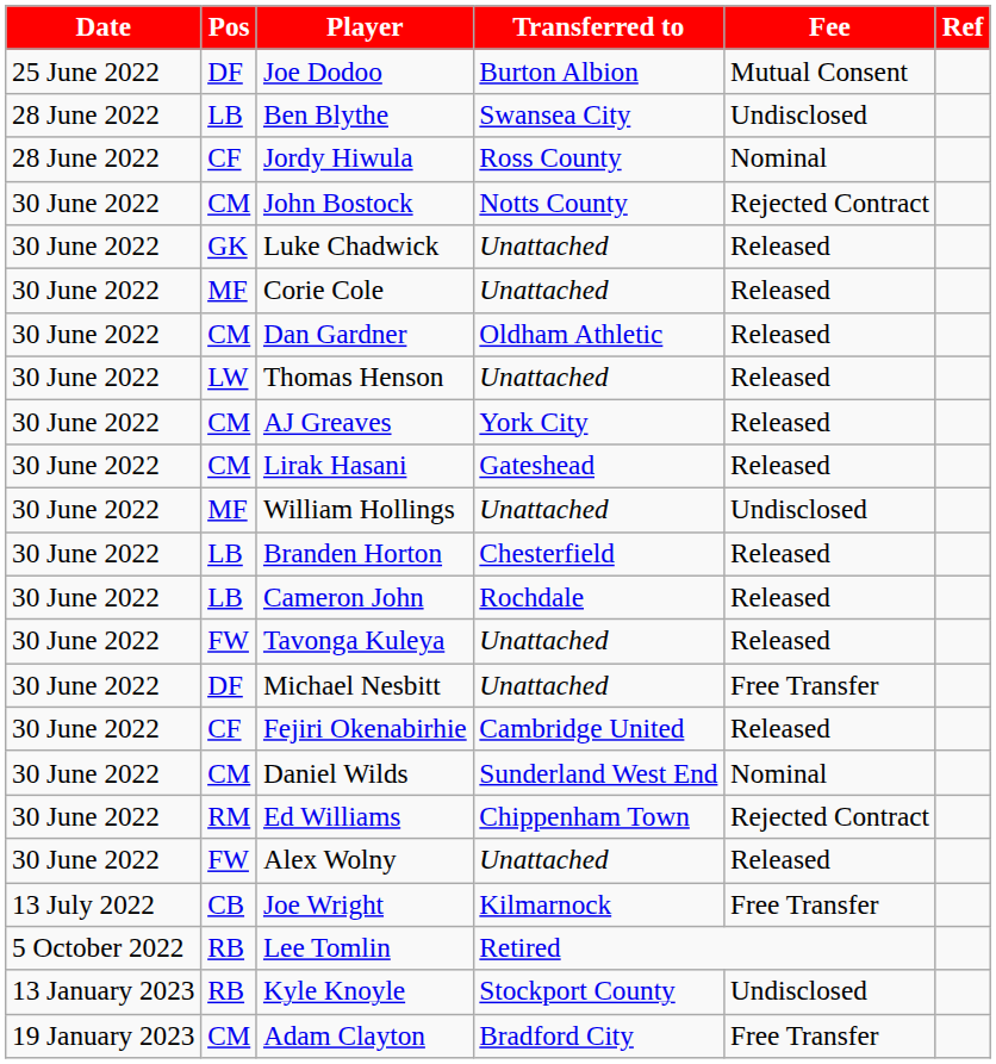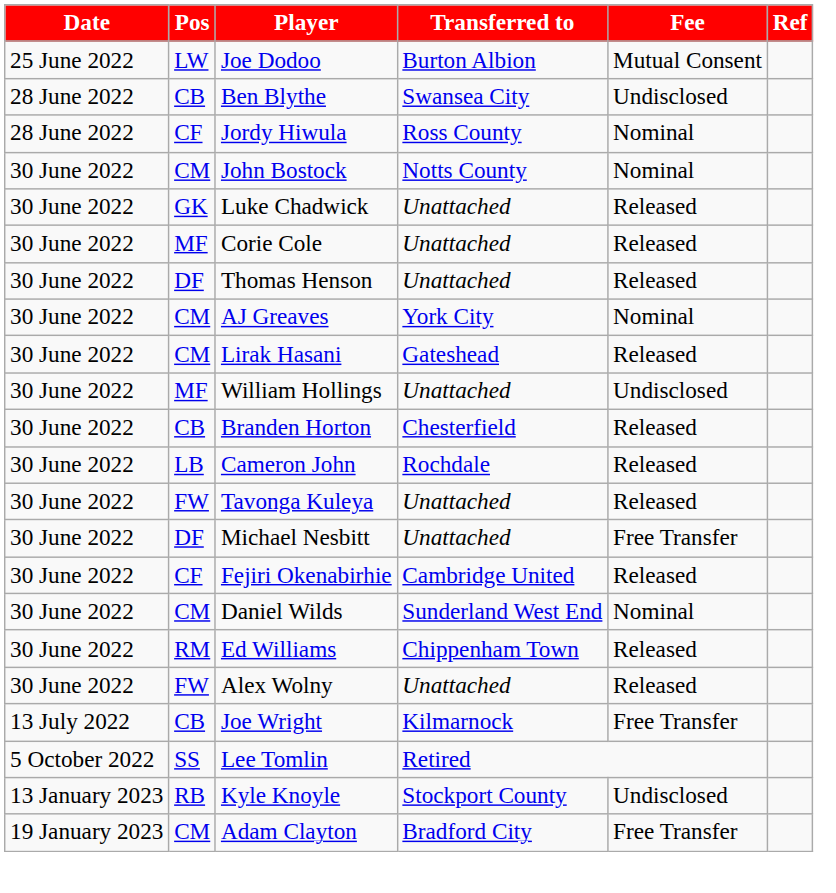 <table class="wikitable plainrowheaders sortable">
 <tr>
 <th style="background:#ff0000; color:#fff; ">Date</th>
 <th style="background:#ff0000; color:#fff; ">Pos</th>
 <th style="background:#ff0000; color:#fff; ">Player</th>
 <th style="background:#ff0000; color:#fff; ">Transferred to</th>
 <th style="background:#ff0000; color:#fff; ">Fee</th>
 <th style="background:#ff0000; color:#fff; ">Ref</th>
 </tr>
 <tr>
 <td>25 June 2022</td>
-<td><a href='#'>DF</a></td>
+<td><a href='#'>LW</a></td>
 <td> <a href='#'>Joe Dodoo</a></td>
 <td> <a href='#'>Burton Albion</a></td>
 <td>Mutual Consent</td>
 <td></td>
 </tr>
 <tr>
 <td>28 June 2022</td>
-<td><a href='#'>LB</a></td>
+<td><a href='#'>CB</a></td>
 <td> <a href='#'>Ben Blythe</a></td>
 <td> <a href='#'>Swansea City</a></td>
 <td>Undisclosed</td>
 <td></td>
 </tr>
 <tr>
 <td>28 June 2022</td>
 <td><a href='#'>CF</a></td>
 <td> <a href='#'>Jordy Hiwula</a></td>
 <td> <a href='#'>Ross County</a></td>
 <td>Nominal</td>
 <td></td>
 </tr>
 <tr>
 <td>30 June 2022</td>
 <td><a href='#'>CM</a></td>
 <td> <a href='#'>John Bostock</a></td>
 <td> <a href='#'>Notts County</a></td>
-<td>Rejected Contract</td>
+<td>Nominal</td>
 <td></td>
 </tr>
 <tr>
 <td>30 June 2022</td>
 <td><a href='#'>GK</a></td>
 <td> Luke Chadwick</td>
 <td> <em>Unattached</em></td>
 <td>Released</td>
 <td></td>
 </tr>
 <tr>
 <td>30 June 2022</td>
 <td><a href='#'>MF</a></td>
 <td> Corie Cole</td>
 <td> <em>Unattached</em></td>
 <td>Released</td>
 <td></td>
 </tr>
 <tr>
 <td>30 June 2022</td>
-<td><a href='#'>CM</a></td>
-<td> <a href='#'>Dan Gardner</a></td>
-<td> <a href='#'>Oldham Athletic</a></td>
-<td>Released</td>
-<td></td>
-</tr>
-<tr>
-<td>30 June 2022</td>
-<td><a href='#'>LW</a></td>
+<td><a href='#'>DF</a></td>
 <td> Thomas Henson</td>
 <td> <em>Unattached</em></td>
 <td>Released</td>
 <td></td>
 </tr>
 <tr>
 <td>30 June 2022</td>
 <td><a href='#'>CM</a></td>
 <td> <a href='#'>AJ Greaves</a></td>
 <td> <a href='#'>York City</a></td>
-<td>Released</td>
+<td>Nominal</td>
 <td></td>
 </tr>
 <tr>
 <td>30 June 2022</td>
 <td><a href='#'>CM</a></td>
 <td> <a href='#'>Lirak Hasani</a></td>
 <td> <a href='#'>Gateshead</a></td>
 <td>Released</td>
 <td></td>
 </tr>
 <tr>
 <td>30 June 2022</td>
 <td><a href='#'>MF</a></td>
 <td> William Hollings</td>
 <td> <em>Unattached</em></td>
 <td>Undisclosed</td>
 <td></td>
 </tr>
 <tr>
 <td>30 June 2022</td>
-<td><a href='#'>LB</a></td>
+<td><a href='#'>CB</a></td>
 <td> <a href='#'>Branden Horton</a></td>
 <td> <a href='#'>Chesterfield</a></td>
 <td>Released</td>
 <td></td>
 </tr>
 <tr>
 <td>30 June 2022</td>
 <td><a href='#'>LB</a></td>
 <td> <a href='#'>Cameron John</a></td>
 <td> <a href='#'>Rochdale</a></td>
 <td>Released</td>
 <td></td>
 </tr>
 <tr>
 <td>30 June 2022</td>
 <td><a href='#'>FW</a></td>
 <td> <a href='#'>Tavonga Kuleya</a></td>
 <td> <em>Unattached</em></td>
 <td>Released</td>
 <td></td>
 </tr>
 <tr>
 <td>30 June 2022</td>
 <td><a href='#'>DF</a></td>
 <td> Michael Nesbitt</td>
 <td> <em>Unattached</em></td>
 <td>Free Transfer</td>
 <td></td>
 </tr>
 <tr>
 <td>30 June 2022</td>
 <td><a href='#'>CF</a></td>
 <td> <a href='#'>Fejiri Okenabirhie</a></td>
 <td> <a href='#'>Cambridge United</a></td>
 <td>Released</td>
 <td></td>
 </tr>
 <tr>
 <td>30 June 2022</td>
 <td><a href='#'>CM</a></td>
 <td> Daniel Wilds</td>
 <td> <a href='#'>Sunderland West End</a></td>
 <td>Nominal</td>
 <td></td>
 </tr>
 <tr>
 <td>30 June 2022</td>
 <td><a href='#'>RM</a></td>
 <td> <a href='#'>Ed Williams</a></td>
 <td> <a href='#'>Chippenham Town</a></td>
-<td>Rejected Contract</td>
+<td>Released</td>
 <td></td>
 </tr>
 <tr>
 <td>30 June 2022</td>
 <td><a href='#'>FW</a></td>
 <td> Alex Wolny</td>
 <td> <em>Unattached</em></td>
 <td>Released</td>
 <td></td>
 </tr>
 <tr>
 <td>13 July 2022</td>
 <td><a href='#'>CB</a></td>
 <td> <a href='#'>Joe Wright</a></td>
 <td> <a href='#'>Kilmarnock</a></td>
 <td>Free Transfer</td>
 <td></td>
 </tr>
 <tr>
 <td>5 October 2022</td>
-<td><a href='#'>RB</a></td>
+<td><a href='#'>SS</a></td>
 <td> <a href='#'>Lee Tomlin</a></td>
 <td colspan="2"><a href='#'>Retired</a></td>
 <td></td>
 </tr>
 <tr>
 <td>13 January 2023</td>
 <td><a href='#'>RB</a></td>
 <td> <a href='#'>Kyle Knoyle</a></td>
 <td> <a href='#'>Stockport County</a></td>
 <td>Undisclosed</td>
 <td></td>
 </tr>
 <tr>
 <td>19 January 2023</td>
 <td><a href='#'>CM</a></td>
 <td> <a href='#'>Adam Clayton</a></td>
 <td> <a href='#'>Bradford City</a></td>
 <td>Free Transfer</td>
 <td></td>
 </tr>
 </table>
